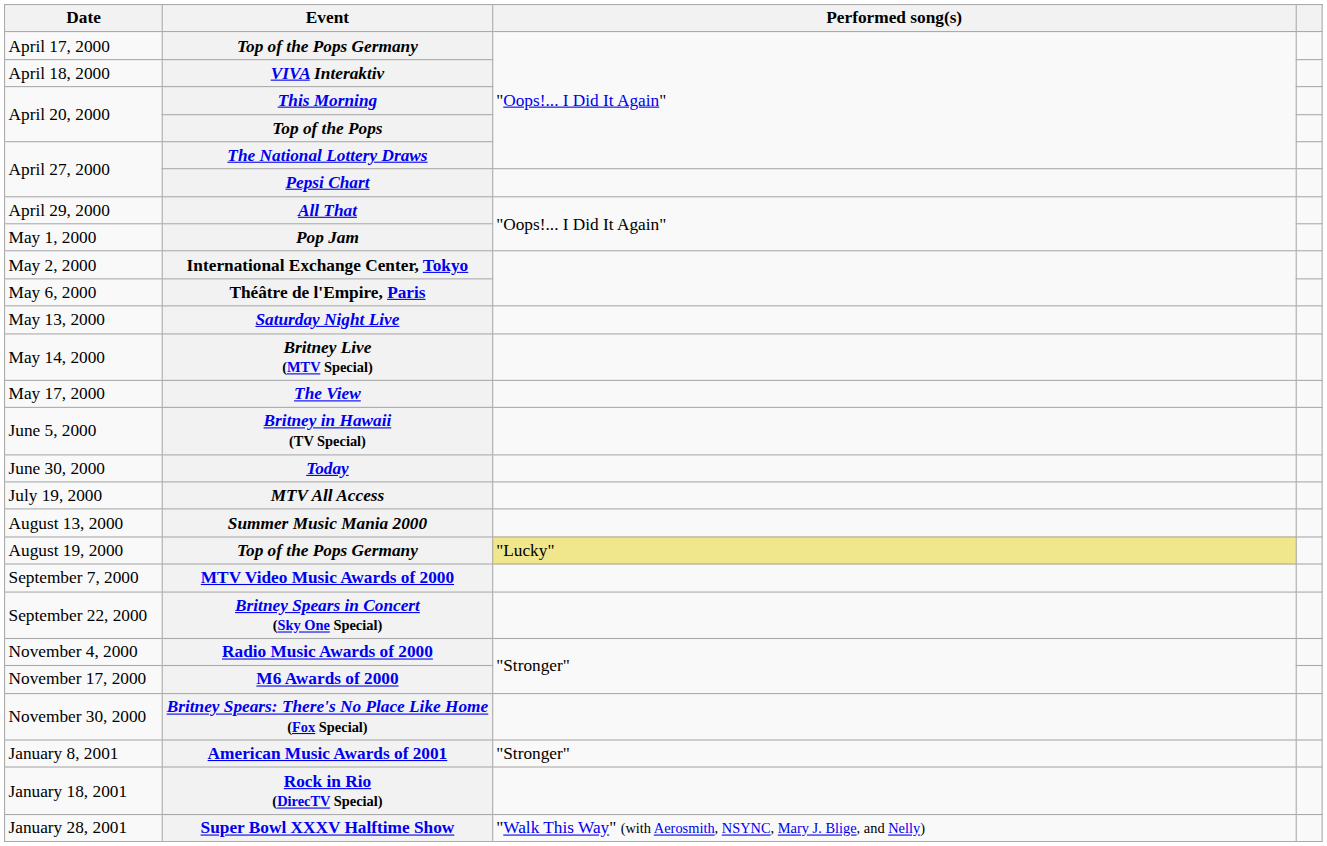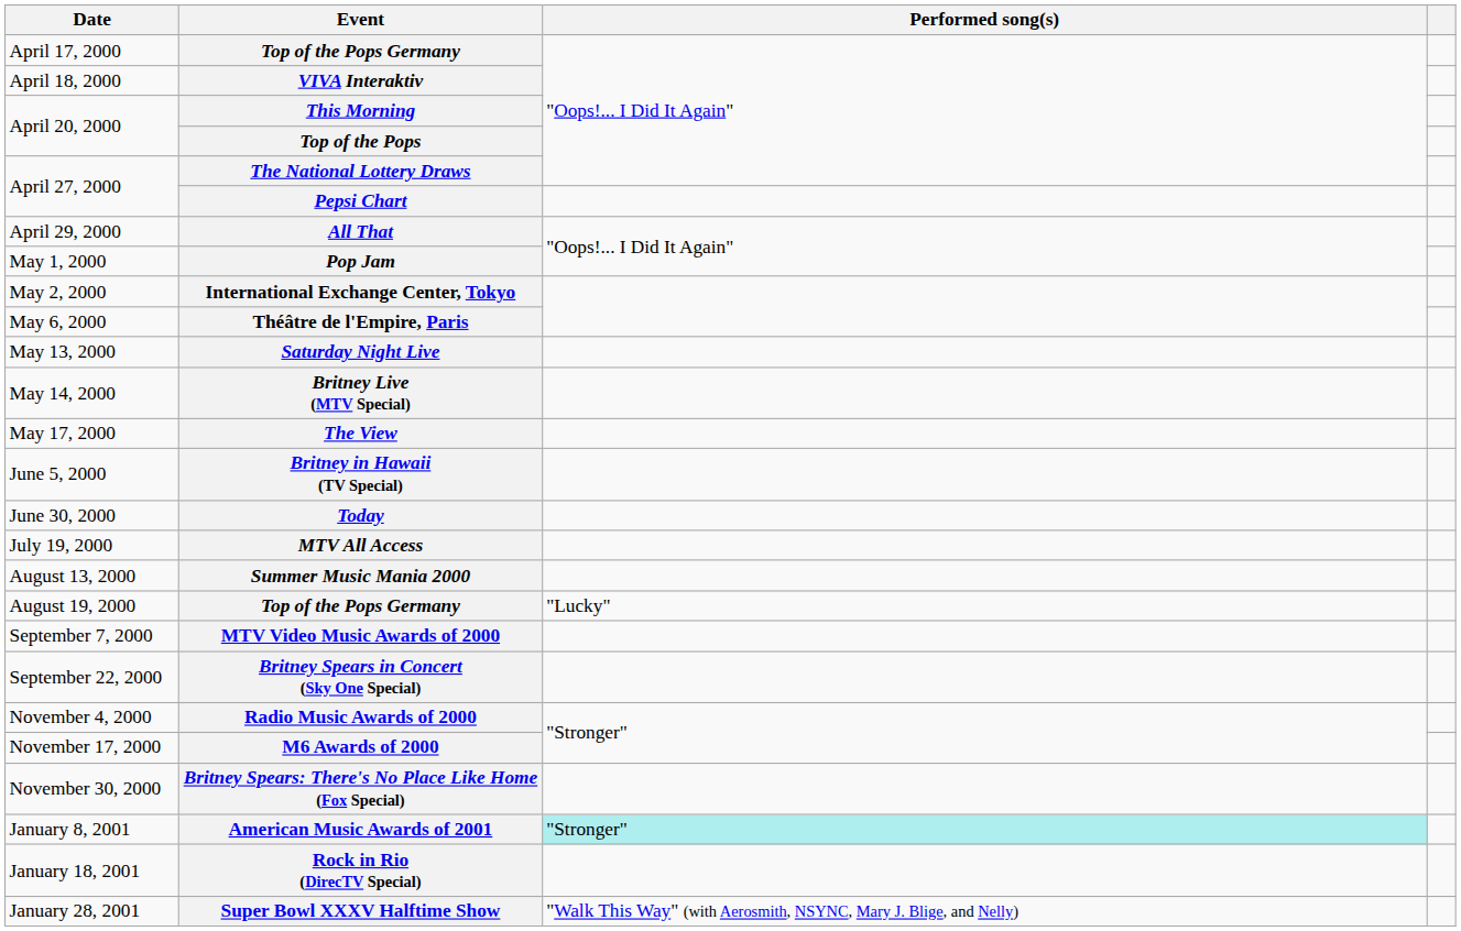 <table class="wikitable sortable plainrowheaders">
 <tr>
 <th style="width:12%;">Date</th>
 <th style="width:25%;">Event</th>
 <th>Performed song(s)</th>
 <th style="width:2%;"></th>
 </tr>
 <tr>
 <td>April 17, 2000</td>
 <th scope="row"><em>Top of the Pops Germany</em></th>
 <td rowspan="5">"<a href='#'>Oops!... I Did It Again</a>"</td>
 <td style="text-align:center;"></td>
 </tr>
 <tr>
 <td>April 18, 2000</td>
 <th scope="row"><em><a href='#'>VIVA</a> Interaktiv</em></th>
 <td style="text-align:center;"></td>
 </tr>
 <tr>
 <td rowspan="2">April 20, 2000</td>
 <th scope="row"><em><a href='#'>This Morning</a></em></th>
 <td style="text-align:center;"></td>
 </tr>
 <tr>
 <th scope="row"><em>Top of the Pops</em></th>
 <td style="text-align:center;"></td>
 </tr>
 <tr>
 <td rowspan="2">April 27, 2000</td>
 <th scope="row"><em><a href='#'>The National Lottery Draws</a></em></th>
 <td style="text-align:center;"></td>
 </tr>
 <tr>
 <th scope="row"><em><a href='#'>Pepsi Chart</a></em></th>
 <td></td>
 <td style="text-align:center;"></td>
 </tr>
 <tr>
 <td>April 29, 2000</td>
 <th scope="row"><em><a href='#'>All That</a></em></th>
 <td rowspan="2">"Oops!... I Did It Again"</td>
 <td style="text-align:center;"></td>
 </tr>
 <tr>
 <td>May 1, 2000</td>
 <th scope="row"><em>Pop Jam</em></th>
 <td style="text-align:center;"></td>
 </tr>
 <tr>
 <td>May 2, 2000</td>
 <th scope="row">International Exchange Center, <a href='#'>Tokyo</a></th>
 <td rowspan="2"></td>
 <td style="text-align:center;"></td>
 </tr>
 <tr>
 <td>May 6, 2000</td>
 <th scope="row">Théâtre de l'Empire, <a href='#'>Paris</a></th>
 <td style="text-align:center;"></td>
 </tr>
 <tr>
 <td>May 13, 2000</td>
 <th scope="row"><em><a href='#'>Saturday Night Live</a></em></th>
 <td></td>
 <td style="text-align:center;"></td>
 </tr>
 <tr>
 <td>May 14, 2000</td>
 <th scope="row"><em>Britney Live</em> <br><small>(<a href='#'>MTV</a> Special)</small></th>
 <td></td>
 <td style="text-align:center;"></td>
 </tr>
 <tr>
 <td>May 17, 2000</td>
 <th scope="row"><em><a href='#'>The View</a></em></th>
 <td></td>
 <td style="text-align:center;"></td>
 </tr>
 <tr>
 <td>June 5, 2000</td>
 <th scope="row"><a href='#'><em>Britney in Hawaii</em></a> <br><small>(TV Special)</small></th>
 <td></td>
 <td style="text-align:center;"><br></td>
 </tr>
 <tr>
 <td>June 30, 2000</td>
 <th scope="row"><em><a href='#'>Today</a></em></th>
 <td></td>
 <td style="text-align:center;"></td>
 </tr>
 <tr>
 <td>July 19, 2000</td>
 <th scope="row"><em>MTV All Access</em></th>
 <td></td>
 <td style="text-align:center;"></td>
 </tr>
 <tr>
 <td>August 13, 2000</td>
 <th scope="row"><em>Summer Music Mania 2000</em></th>
 <td></td>
 <td style="text-align:center;"></td>
 </tr>
 <tr>
 <td>August 19, 2000</td>
 <th scope="row"><em>Top of the Pops Germany</em></th>
-<td style="background: khaki;">"Lucky"</td>
+<td>"Lucky"</td>
 <td style="text-align:center;"></td>
 </tr>
 <tr>
 <td>September 7, 2000</td>
 <th scope="row"><a href='#'>MTV Video Music Awards of 2000</a></th>
 <td></td>
 <td style="text-align:center;"></td>
 </tr>
 <tr>
 <td>September 22, 2000</td>
 <th scope="row"><em><a href='#'>Britney Spears in Concert</a></em> <br><small>(<a href='#'>Sky One</a> Special)</small></th>
 <td></td>
 <td style="text-align:center;"></td>
 </tr>
 <tr>
 <td>November 4, 2000</td>
 <th scope="row"><a href='#'>Radio Music Awards of 2000</a></th>
 <td rowspan="2">"Stronger"</td>
 <td style="text-align:center;"></td>
 </tr>
 <tr>
 <td>November 17, 2000</td>
 <th scope="row"><a href='#'>M6 Awards of 2000</a></th>
 <td style="text-align:center;"></td>
 </tr>
 <tr>
 <td>November 30, 2000</td>
 <th scope="row"><em><a href='#'>Britney Spears: There's No Place Like Home</a></em><br><small>(<a href='#'>Fox</a> Special)</small></th>
 <td></td>
 <td style="text-align:center;"></td>
 </tr>
 <tr>
 <td>January 8, 2001</td>
 <th scope="row"><a href='#'>American Music Awards of 2001</a></th>
-<td>"Stronger"</td>
+<td style="background: paleturquoise;">"Stronger"</td>
 <td style="text-align:center;"></td>
 </tr>
 <tr>
 <td>January 18, 2001</td>
 <th scope="row"><a href='#'>Rock in Rio</a><br><small>(<a href='#'>DirecTV</a> Special)</small></th>
 <td></td>
 <td style="text-align:center;"></td>
 </tr>
 <tr>
 <td>January 28, 2001</td>
 <th scope="row"><a href='#'>Super Bowl XXXV Halftime Show</a></th>
 <td>"<a href='#'>Walk This Way</a>" <small>(with <a href='#'>Aerosmith</a>, <a href='#'>NSYNC</a>, <a href='#'>Mary J. Blige</a>, and <a href='#'>Nelly</a>)</small></td>
 <td style="text-align:center;"></td>
 </tr>
 </table>
